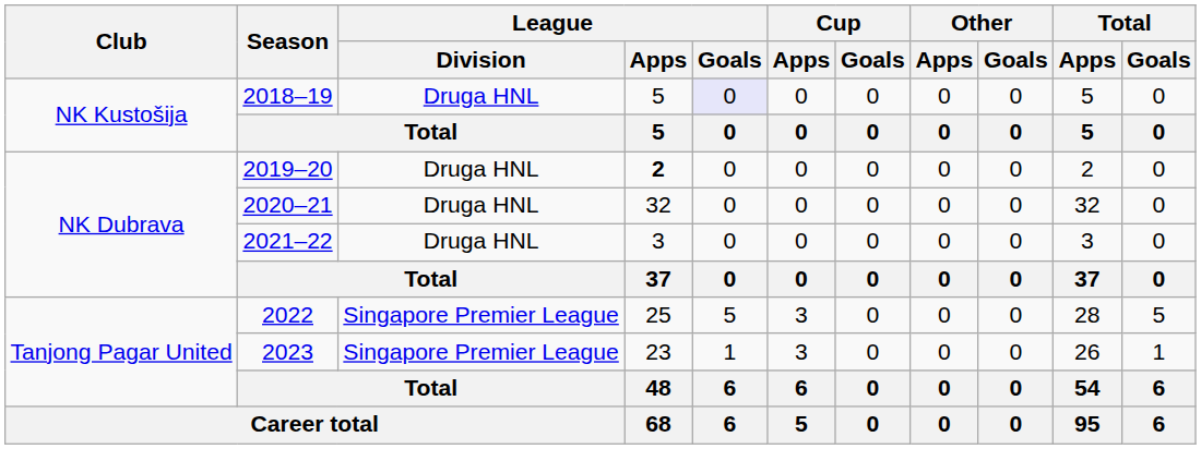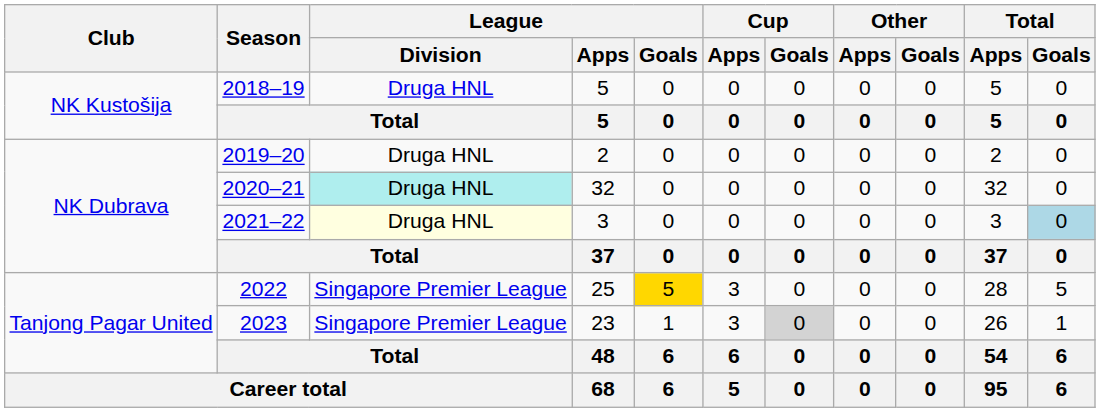 <table class="wikitable" style="text-align: center">
 <tr>
 <th rowspan="2">Club</th>
 <th rowspan="2">Season</th>
 <th colspan="3">League</th>
 <th colspan="2">Cup</th>
 <th colspan="2">Other</th>
 <th colspan="2">Total</th>
 </tr>
 <tr>
 <th>Division</th>
 <th>Apps</th>
 <th>Goals</th>
 <th>Apps</th>
 <th>Goals</th>
 <th>Apps</th>
 <th>Goals</th>
 <th>Apps</th>
 <th>Goals</th>
 </tr>
 <tr>
 <td rowspan="2"><a href='#'>NK Kustošija</a></td>
 <td><a href='#'>2018–19</a></td>
 <td><a href='#'>Druga HNL</a></td>
 <td>5</td>
-<td style="background: lavender;">0</td>
+<td>0</td>
 <td>0</td>
 <td>0</td>
 <td>0</td>
 <td>0</td>
 <td>5</td>
 <td>0</td>
 </tr>
 <tr>
 <th colspan=2>Total</th>
 <th>5</th>
 <th>0</th>
 <th>0</th>
 <th>0</th>
 <th>0</th>
 <th>0</th>
 <th>5</th>
 <th>0</th>
 </tr>
 <tr>
 <td rowspan="4"><a href='#'>NK Dubrava</a></td>
 <td><a href='#'>2019–20</a></td>
 <td>Druga HNL</td>
-<td><strong>2</strong></td>
+<td>2</td>
 <td>0</td>
 <td>0</td>
 <td>0</td>
 <td>0</td>
 <td>0</td>
 <td>2</td>
 <td>0</td>
 </tr>
 <tr>
 <td><a href='#'>2020–21</a></td>
-<td>Druga HNL</td>
+<td style="background: paleturquoise;">Druga HNL</td>
 <td>32</td>
 <td>0</td>
 <td>0</td>
 <td>0</td>
 <td>0</td>
 <td>0</td>
 <td>32</td>
 <td>0</td>
 </tr>
 <tr>
 <td><a href='#'>2021–22</a></td>
-<td>Druga HNL</td>
+<td style="background: lightyellow;">Druga HNL</td>
 <td>3</td>
 <td>0</td>
 <td>0</td>
 <td>0</td>
 <td>0</td>
 <td>0</td>
 <td>3</td>
-<td>0</td>
+<td style="background: lightblue;">0</td>
 </tr>
 <tr>
 <th colspan=2>Total</th>
 <th>37</th>
 <th>0</th>
 <th>0</th>
 <th>0</th>
 <th>0</th>
 <th>0</th>
 <th>37</th>
 <th>0</th>
 </tr>
 <tr>
 <td rowspan="3"><a href='#'>Tanjong Pagar United</a></td>
 <td><a href='#'>2022</a></td>
 <td><a href='#'>Singapore Premier League</a></td>
 <td>25</td>
-<td>5</td>
+<td style="background: gold;">5</td>
 <td>3</td>
 <td>0</td>
 <td>0</td>
 <td>0</td>
 <td>28</td>
 <td>5</td>
 </tr>
 <tr>
 <td><a href='#'>2023</a></td>
 <td><a href='#'>Singapore Premier League</a></td>
 <td>23</td>
 <td>1</td>
 <td>3</td>
-<td>0</td>
+<td style="background: lightgrey;">0</td>
 <td>0</td>
 <td>0</td>
 <td>26</td>
 <td>1</td>
 </tr>
 <tr>
 <th colspan=2>Total</th>
 <th>48</th>
 <th>6</th>
 <th>6</th>
 <th>0</th>
 <th>0</th>
 <th>0</th>
 <th>54</th>
 <th>6</th>
 </tr>
 <tr>
 <th colspan=3>Career total</th>
 <th>68</th>
 <th>6</th>
 <th>5</th>
 <th>0</th>
 <th>0</th>
 <th>0</th>
 <th>95</th>
 <th>6</th>
 </tr>
 </table>
